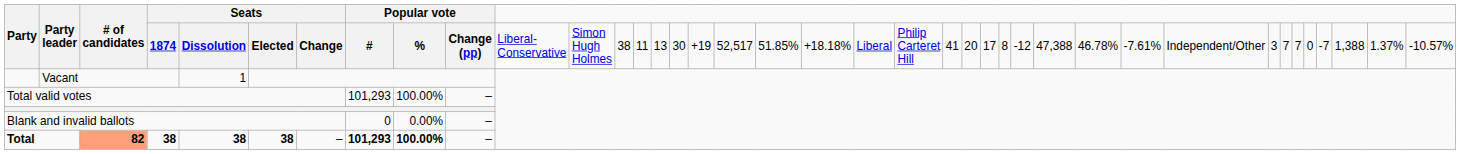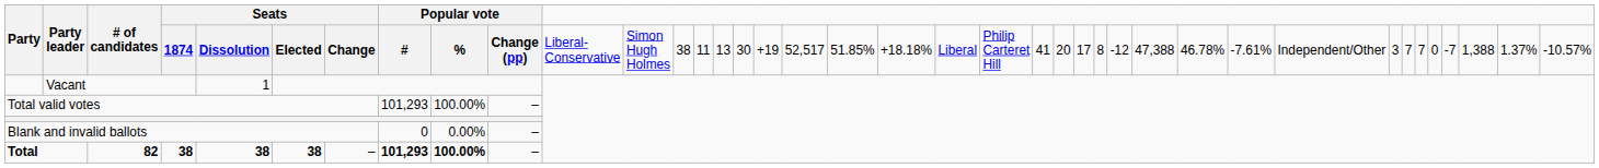 <table class="wikitable">
 <tr>
 <th rowspan="2" colspan="2">Party</th>
 <th rowspan="2">Party leader</th>
 <th rowspan="2"># of<br>candidates</th>
 <th colspan="4">Seats</th>
 <th colspan="3">Popular vote</th>
 </tr>
 <tr>
 <th><a href='#'>1874</a></th>
 <th><span><a href='#'>Dissolution</a></span></th>
 <th>Elected</th>
 <th>Change</th>
 <th>#</th>
 <th>%</th>
 <th>Change (<a href='#'>pp</a>)<br></th>
 <td><a href='#'>Liberal-Conservative</a></td>
 <td><a href='#'>Simon Hugh Holmes</a></td>
 <td align="right">38</td>
 <td align="right">11</td>
 <td align="right">13</td>
 <td align="right">30</td>
 <td align="right">+19</td>
 <td align="right">52,517</td>
 <td align="right">51.85%</td>
 <td align="right">+18.18%<br></td>
 <td><a href='#'>Liberal</a></td>
 <td><a href='#'>Philip Carteret Hill</a></td>
 <td align="right">41</td>
 <td align="right">20</td>
 <td align="right">17</td>
 <td align="right">8</td>
 <td align="right">-12</td>
 <td align="right">47,388</td>
 <td align="right">46.78%</td>
 <td align="right">-7.61%<br></td>
 <td colspan=2>Independent/Other</td>
 <td align="right">3</td>
 <td align="right">7</td>
 <td align="right">7</td>
 <td align="right">0</td>
 <td align="right">-7</td>
 <td align="right">1,388</td>
 <td align="right">1.37%</td>
 <td align="right">-10.57%</td>
 </tr>
 <tr>
 <td> </td>
 <td colspan=4>Vacant</td>
 <td align="right">1</td>
 <td colspan=5> </td>
 </tr>
 <tr>
 <td colspan="8">Total valid votes</td>
 <td align="right">101,293</td>
 <td align="right">100.00%</td>
 <td align="right">–</td>
 </tr>
 <tr>
 <th colspan="11"></th>
 </tr>
 <tr>
 <td colspan="8">Blank and invalid ballots</td>
 <td align="right">0</td>
 <td align="right">0.00%</td>
 <td align="right">–</td>
 </tr>
 <tr>
 <td colspan=3><strong>Total</strong></td>
-<td align="right" style="background: lightsalmon;"><strong>82</strong></td>
+<td align="right"><strong>82</strong></td>
 <td align="right"><strong>38</strong></td>
 <td align="right"><strong>38</strong></td>
 <td align="right"><strong>38</strong></td>
 <td align="right">–</td>
 <td align="right"><strong>101,293</strong></td>
 <td align="right"><strong>100.00%</strong></td>
 <td align="right">–</td>
 </tr>
 </table>
